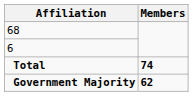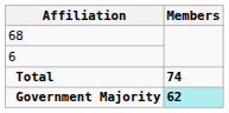 <table class="wikitable">
 <tr>
 <th colspan="2">Affiliation</th>
 <th>Members</th>
 </tr>
 <tr>
 <td>68</td>
 </tr>
 <tr>
 <td>6</td>
 </tr>
 <tr>
 <td colspan="2" rowspan="1" align=left> <strong>Total</strong><br></td>
 <td><strong>74</strong></td>
 </tr>
 <tr>
 <td colspan="2" rowspan="1" align=left> <strong>Government Majority</strong><br></td>
-<td><strong>62</strong></td>
+<td style="background: paleturquoise;"><strong>62</strong></td>
 </tr>
 </table>
